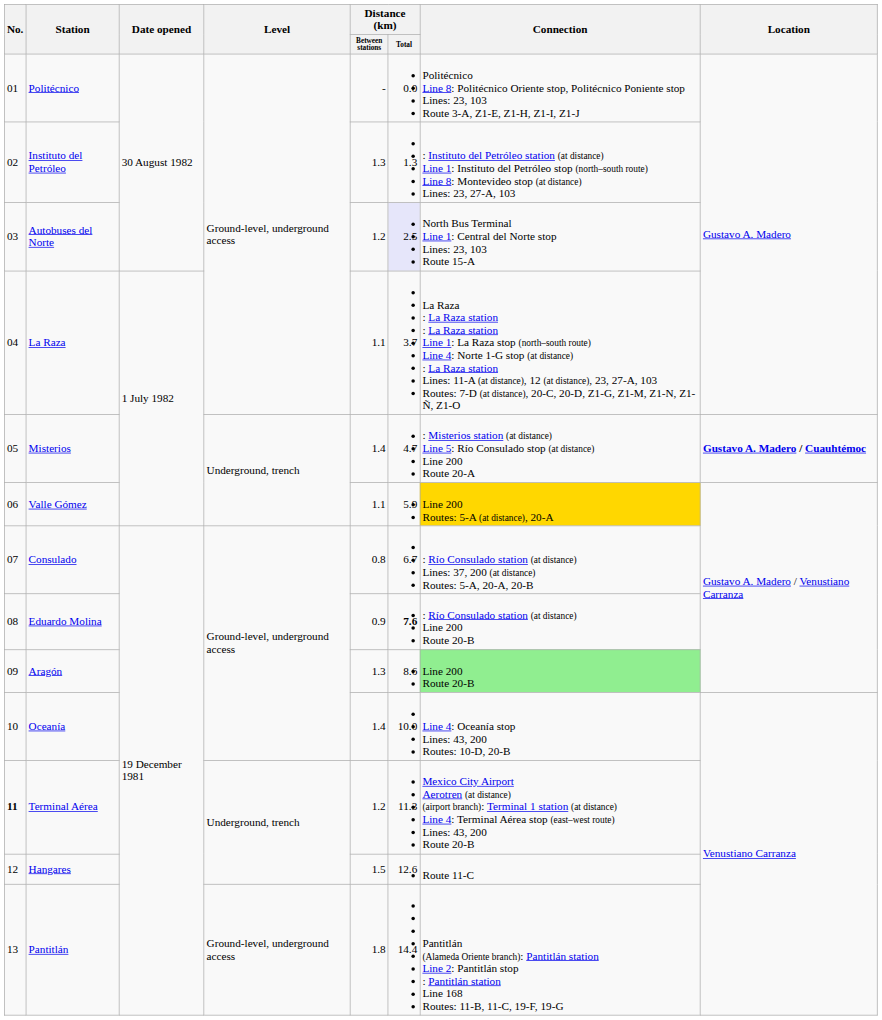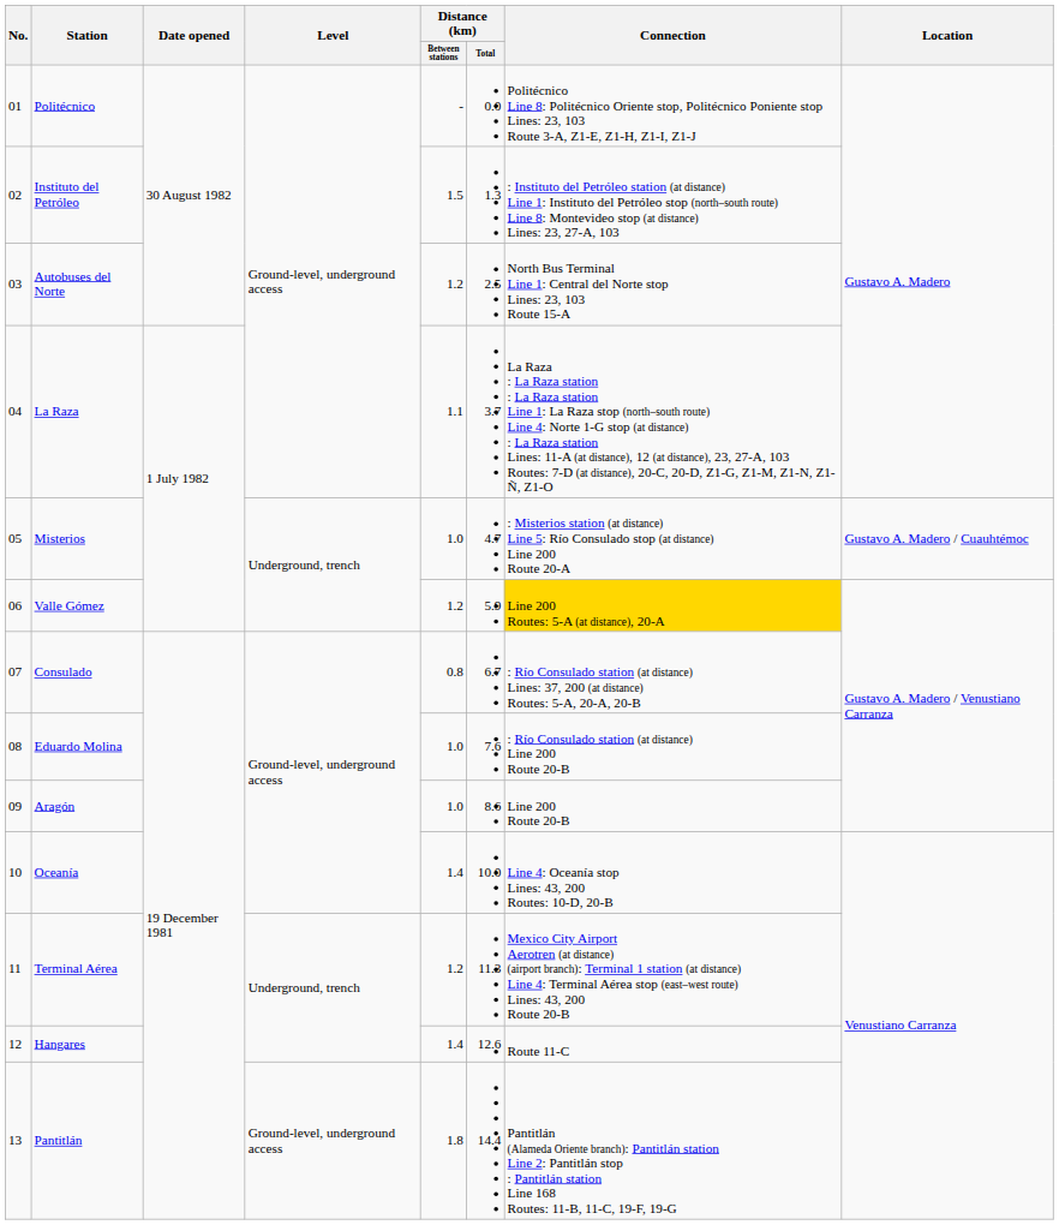 <table class="wikitable" rules="all">
 <tr>
 <th rowspan="2">No.</th>
 <th rowspan="2">Station</th>
 <th rowspan="2">Date opened</th>
 <th rowspan="2">Level</th>
 <th colspan="2">Distance (km)</th>
 <th rowspan="2">Connection</th>
 <th rowspan="2">Location</th>
 </tr>
 <tr>
 <th style="font-size: 65%;">Between<br>stations</th>
 <th style="font-size: 65%;">Total</th>
 </tr>
 <tr>
 <td style="background: #">01</td>
 <td><a href='#'>Politécnico</a> </td>
 <td rowspan="3">30 August 1982</td>
 <td rowspan="4">Ground-level, underground access</td>
 <td style="text-align:right;">-</td>
 <td style="text-align:right;">0.0</td>
 <td><br><li> Politécnico</li> <li>  <a href='#'>Line 8</a>: Politécnico Oriente stop, Politécnico Poniente stop</li> <li> Lines: 23, 103 </li> <li> Route 3-A, Z1-E, Z1-H, Z1-I, Z1-J </li></td>
 <td rowspan="4"><a href='#'>Gustavo A. Madero</a></td>
 </tr>
 <tr>
 <td style="background: #">02</td>
 <td><a href='#'>Instituto del Petróleo</a></td>
-<td style="text-align:right;">1.3</td>
+<td style="text-align:right;">1.5</td>
 <td style="text-align:right;">1.3</td>
 <td><br><li> </li> <li> : <a href='#'>Instituto del Petróleo station</a> <small>(at distance)</small></li> <li>  <a href='#'>Line 1</a>: Instituto del Petróleo stop <small>(north–south route)</small></li> <li>  <a href='#'>Line 8</a>: Montevideo stop <small>(at distance)</small> </li> <li> Lines: 23, 27-A, 103 </li></td>
 </tr>
 <tr>
 <td style="background: #">03</td>
 <td><a href='#'>Autobuses del Norte</a> </td>
 <td style="text-align:right;">1.2</td>
-<td style="background: lavender; text-align:right;">2.5</td>
+<td style="text-align:right;">2.5</td>
 <td><br><li> North Bus Terminal</li> <li>  <a href='#'>Line 1</a>: Central del Norte stop</li> <li> Lines: 23, 103 </li> <li> Route 15-A</li></td>
 </tr>
 <tr>
 <td style="background: #">04</td>
 <td><a href='#'>La Raza</a> </td>
 <td rowspan="3">1 July 1982</td>
 <td style="text-align:right;">1.1</td>
 <td style="text-align:right;">3.7</td>
 <td><br><li> </li> <li> La Raza</li> <li> : <a href='#'>La Raza station</a></li> <li> : <a href='#'>La Raza station</a></li> <li>  <a href='#'>Line 1</a>: La Raza stop <small>(north–south route)</small></li> <li>  <a href='#'>Line 4</a>: Norte 1-G stop <small>(at distance)</small> </li> <li> : <a href='#'>La Raza station</a>  </li> <li> Lines: 11-A <small>(at distance)</small>, 12 <small>(at distance)</small>, 23, 27-A, 103</li> <li> Routes: 7-D <small>(at distance)</small>, 20-C, 20-D, Z1-G, Z1-M, Z1-N, Z1-Ñ, Z1-O</li></td>
 </tr>
 <tr>
 <td style="background: #">05</td>
 <td><a href='#'>Misterios</a></td>
 <td rowspan="2">Underground, trench</td>
-<td style="text-align:right;">1.4</td>
+<td style="text-align:right;">1.0</td>
 <td style="text-align:right;">4.7</td>
 <td><br><li> : <a href='#'>Misterios station</a> <small>(at distance)</small></li> <li>  <a href='#'>Line 5</a>: Río Consulado stop <small>(at distance)</small></li> <li> Line 200 </li> <li> Route 20-A</li></td>
-<td><strong><a href='#'>Gustavo A. Madero</a> / <a href='#'>Cuauhtémoc</a></strong></td>
+<td><a href='#'>Gustavo A. Madero</a> / <a href='#'>Cuauhtémoc</a></td>
 </tr>
 <tr>
 <td style="background: #">06</td>
 <td><a href='#'>Valle Gómez</a></td>
-<td style="text-align:right;">1.1</td>
+<td style="text-align:right;">1.2</td>
 <td style="text-align:right;">5.9</td>
 <td style="background: gold;"><br><li> Line 200</li> <li> Routes: 5-A <small>(at distance)</small>, 20-A</td>
 <td rowspan="4"><a href='#'>Gustavo A. Madero</a> / <a href='#'>Venustiano Carranza</a></td>
 </tr>
 <tr>
 <td style="background: #">07</td>
 <td><a href='#'>Consulado</a></td>
 <td rowspan="7">19 December 1981</td>
 <td rowspan="4">Ground-level, underground access</td>
 <td style="text-align:right;">0.8</td>
 <td style="text-align:right;">6.7</td>
 <td><br><li> </li> <li> : <a href='#'>Río Consulado station</a> <small>(at distance)</small></li> <li> Lines: 37, 200 <small>(at distance)</small></li> <li> Routes: 5-A, 20-A, 20-B</td>
 </tr>
 <tr>
 <td style="background: #">08</td>
 <td><a href='#'>Eduardo Molina</a></td>
-<td style="text-align:right;">0.9</td>
-<td style="text-align:right;"><strong>7.6</strong></td>
+<td style="text-align:right;">1.0</td>
+<td style="text-align:right;">7.6</td>
 <td><br><li> : <a href='#'>Río Consulado station</a> <small>(at distance)</small></li> <li> Line 200</li> <li> Route 20-B</td>
 </tr>
 <tr>
 <td style="background: #">09</td>
 <td><a href='#'>Aragón</a></td>
-<td style="text-align:right;">1.3</td>
+<td style="text-align:right;">1.0</td>
 <td style="text-align:right;">8.6</td>
-<td style="background: lightgreen;"><br><li> Line 200</li> <li> Route 20-B</td>
+<td><br><li> Line 200</li> <li> Route 20-B</td>
 </tr>
 <tr>
 <td style="background: #">10</td>
 <td><a href='#'>Oceanía</a> </td>
 <td style="text-align:right;">1.4</td>
 <td style="text-align:right;">10.0</td>
 <td><br><li> </li> <li>  <a href='#'>Line 4</a>: Oceanía stop</li> <li> Lines: 43, 200</li> <li> Routes: 10-D, 20-B</li></td>
 <td rowspan="4"><a href='#'>Venustiano Carranza</a></td>
 </tr>
 <tr>
-<td style="background: #"><strong>11</strong></td>
+<td style="background: #">11</td>
 <td><a href='#'>Terminal Aérea</a></td>
 <td rowspan="2">Underground, trench</td>
 <td style="text-align:right;">1.2</td>
 <td style="text-align:right;">11.3</td>
 <td><br><li>  <a href='#'>Mexico City Airport</a></li> <li>  <a href='#'>Aerotren</a> <small>(at distance)</small></li> <li>  <small>(airport branch)</small>: <a href='#'>Terminal 1 station</a> <small>(at distance)</small></li> <li>  <a href='#'>Line 4</a>: Terminal Aérea stop <small>(east–west route)</small></li> <li> Lines: 43, 200</li> <li> Route 20-B</li></td>
 </tr>
 <tr>
 <td style="background: #">12</td>
 <td><a href='#'>Hangares</a></td>
-<td style="text-align:right;">1.5</td>
+<td style="text-align:right;">1.4</td>
 <td style="text-align:right;">12.6</td>
 <td><br><li> Route 11-C</td>
 </tr>
 <tr>
 <td style="background: #">13</td>
 <td><a href='#'>Pantitlán</a> </td>
 <td>Ground-level, underground access</td>
 <td style="text-align:right;">1.8</td>
 <td style="text-align:right;">14.4</td>
 <td><br><li> </li> <li> </li> <li> </li> <li> Pantitlán</li> <li>  <small>(Alameda Oriente branch)</small>: <a href='#'>Pantitlán station</a></li> <li>  <a href='#'>Line 2</a>: Pantitlán stop</li> <li> : <a href='#'>Pantitlán station</a></li> <li> Line 168</li> <li> Routes: 11-B, 11-C, 19-F, 19-G</li></td>
 </tr>
 </table>
